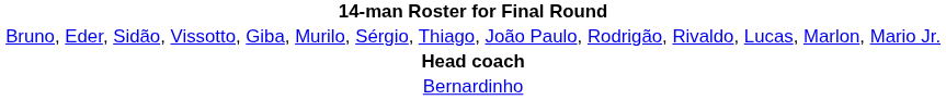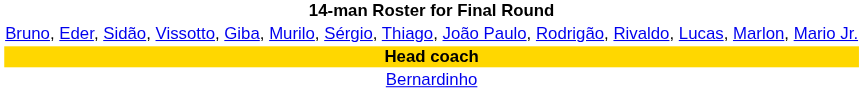 <table style="text-align: center; margin-top: 2em; margin-left: auto; margin-right: auto">
 <tr>
 <td><strong>14-man Roster for Final Round</strong></td>
 </tr>
 <tr>
 <td><a href='#'>Bruno</a>, <a href='#'>Eder</a>, <a href='#'>Sidão</a>, <a href='#'>Vissotto</a>, <a href='#'>Giba</a>, <a href='#'>Murilo</a>, <a href='#'>Sérgio</a>, <a href='#'>Thiago</a>, <a href='#'>João Paulo</a>, <a href='#'>Rodrigão</a>, <a href='#'>Rivaldo</a>, <a href='#'>Lucas</a>, <a href='#'>Marlon</a>, <a href='#'>Mario Jr.</a></td>
 </tr>
 <tr>
-<td><strong>Head coach</strong></td>
+<td style="background: gold;"><strong>Head coach</strong></td>
 </tr>
 <tr>
 <td><a href='#'>Bernardinho</a></td>
 </tr>
 </table>
